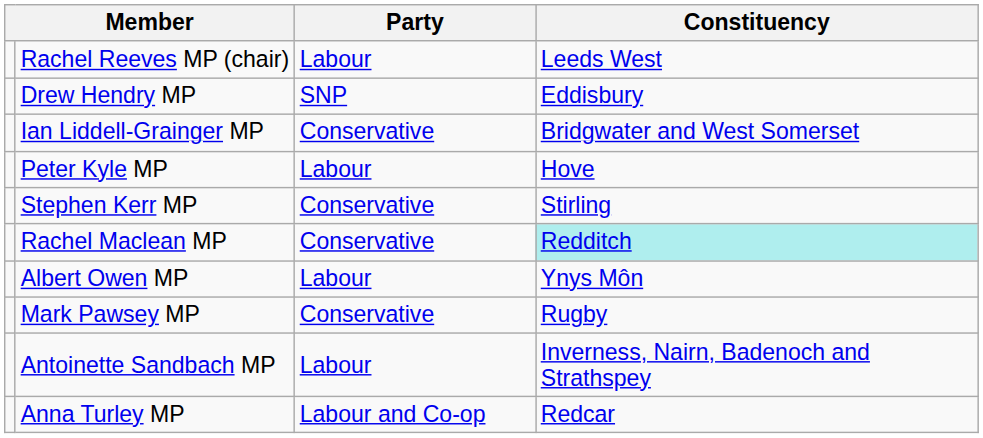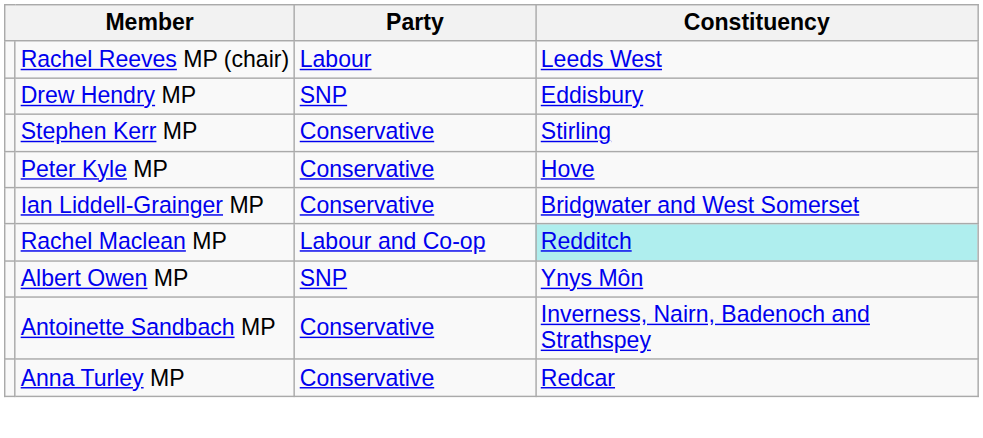 <table class="wikitable">
 <tr>
 <th width="160px" colspan="2">Member</th>
 <th width="160px">Party</th>
 <th width="300px">Constituency</th>
 </tr>
 <tr>
 <td style="color:inherit;background:"></td>
 <td><a href='#'>Rachel Reeves</a> MP (chair)</td>
 <td><a href='#'>Labour</a></td>
 <td><a href='#'>Leeds West</a></td>
 </tr>
 <tr>
 <td style="color:inherit;background:"></td>
 <td><a href='#'>Drew Hendry</a> MP</td>
 <td><a href='#'>SNP</a></td>
 <td><a href='#'>Eddisbury</a></td>
 </tr>
 <tr>
 <td style="color:inherit;background:"></td>
+<td><a href='#'>Stephen Kerr</a> MP</td>
+<td><a href='#'>Conservative</a></td>
+<td><a href='#'>Stirling</a></td>
+</tr>
+<tr>
+<td style="color:inherit;background:"></td>
+<td><a href='#'>Peter Kyle</a> MP</td>
+<td><a href='#'>Conservative</a></td>
+<td><a href='#'>Hove</a></td>
+</tr>
+<tr>
+<td style="color:inherit;background:"></td>
 <td><a href='#'>Ian Liddell-Grainger</a> MP</td>
 <td><a href='#'>Conservative</a></td>
 <td><a href='#'>Bridgwater and West Somerset</a></td>
 </tr>
 <tr>
 <td style="color:inherit;background:"></td>
-<td><a href='#'>Peter Kyle</a> MP</td>
-<td><a href='#'>Labour</a></td>
-<td><a href='#'>Hove</a></td>
-</tr>
-<tr>
-<td style="color:inherit;background:"></td>
-<td><a href='#'>Stephen Kerr</a> MP</td>
-<td><a href='#'>Conservative</a></td>
-<td><a href='#'>Stirling</a></td>
-</tr>
-<tr>
-<td style="color:inherit;background:"></td>
 <td><a href='#'>Rachel Maclean</a> MP</td>
-<td><a href='#'>Conservative</a></td>
+<td><a href='#'>Labour and Co-op</a></td>
 <td style="background: paleturquoise;"><a href='#'>Redditch</a></td>
 </tr>
 <tr>
 <td style="color:inherit;background:"></td>
 <td><a href='#'>Albert Owen</a> MP</td>
-<td><a href='#'>Labour</a></td>
+<td><a href='#'>SNP</a></td>
 <td><a href='#'>Ynys Môn</a></td>
 </tr>
 <tr>
 <td style="color:inherit;background:"></td>
-<td><a href='#'>Mark Pawsey</a> MP</td>
+<td><a href='#'>Antoinette Sandbach</a> MP</td>
 <td><a href='#'>Conservative</a></td>
-<td><a href='#'>Rugby</a></td>
-</tr>
-<tr>
-<td style="color:inherit;background:"></td>
-<td><a href='#'>Antoinette Sandbach</a> MP</td>
-<td><a href='#'>Labour</a></td>
 <td><a href='#'>Inverness, Nairn, Badenoch and Strathspey</a></td>
 </tr>
 <tr>
 <td style="color:inherit;background:"></td>
 <td><a href='#'>Anna Turley</a> MP</td>
-<td><a href='#'>Labour and Co-op</a></td>
+<td><a href='#'>Conservative</a></td>
 <td><a href='#'>Redcar</a></td>
 </tr>
 </table>
